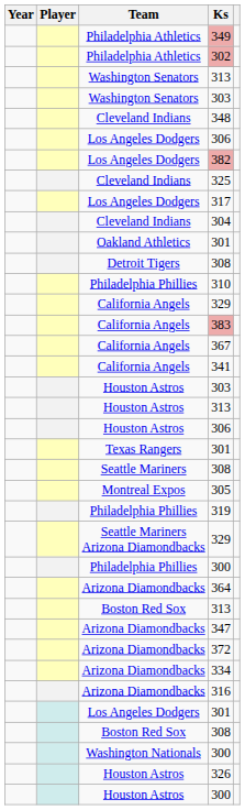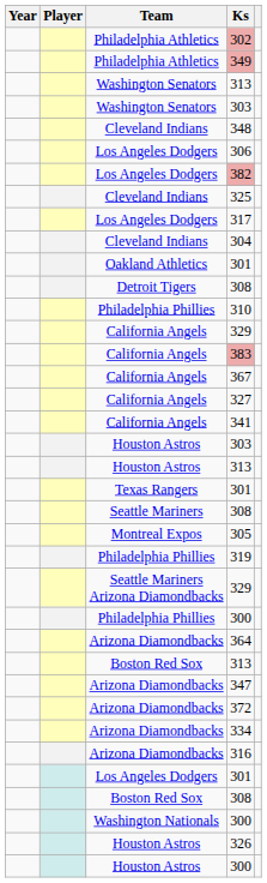 <table class="wikitable sortable plainrowheaders" style="text-align:center;">
 <tr>
 <th scope="col">Year</th>
 <th scope="col">Player</th>
 <th scope="col">Team</th>
 <th scope="col">Ks</th>
 <th scope="col" class="unsortable"></th>
 </tr>
 <tr>
 <td></td>
-<th scope="row" style="text-align:center; background-color: #ffffbb"> </th>
+<th scope="row" style="text-align:center; background-color: #ffffbb"></th>
 <td><a href='#'>Philadelphia Athletics</a></td>
-<td style="background-color:#eeabab;">349</td>
+<td style="background-color:#eeabab;">302</td>
 <td></td>
 </tr>
 <tr>
 <td></td>
-<th scope="row" style="text-align:center; background-color: #ffffbb"></th>
+<th scope="row" style="text-align:center; background-color: #ffffbb"> </th>
 <td><a href='#'>Philadelphia Athletics</a></td>
-<td style="background-color:#eeabab;">302</td>
+<td style="background-color:#eeabab;">349</td>
 <td></td>
 </tr>
 <tr>
 <td></td>
 <th scope="row" style="text-align:center; background-color: #ffffbb"></th>
 <td><a href='#'>Washington Senators</a></td>
 <td>313</td>
 <td></td>
 </tr>
 <tr>
 <td></td>
 <th scope="row" style="text-align:center; background-color: #ffffbb"> </th>
 <td><a href='#'>Washington Senators</a></td>
 <td>303</td>
 <td></td>
 </tr>
 <tr>
 <td></td>
 <th scope="row" style="text-align:center; background-color: #ffffbb"></th>
 <td><a href='#'>Cleveland Indians</a></td>
 <td>348</td>
 <td></td>
 </tr>
 <tr>
 <td></td>
 <th scope="row" style="text-align:center; background-color: #ffffbb"></th>
 <td><a href='#'>Los Angeles Dodgers</a></td>
 <td>306</td>
 <td></td>
 </tr>
 <tr>
 <td></td>
 <th scope="row" style="text-align:center; background-color: #ffffbb"> </th>
 <td><a href='#'>Los Angeles Dodgers</a></td>
 <td style="background-color:#eeabab;">382</td>
 <td></td>
 </tr>
 <tr>
 <td></td>
 <th scope="row" style="text-align:center;"></th>
 <td><a href='#'>Cleveland Indians</a></td>
 <td>325</td>
 <td></td>
 </tr>
 <tr>
 <td></td>
 <th scope="row" style="text-align:center; background-color: #ffffbb"> </th>
 <td><a href='#'>Los Angeles Dodgers</a></td>
 <td>317</td>
 <td></td>
 </tr>
 <tr>
 <td></td>
 <th scope="row" style="text-align:center;"> </th>
 <td><a href='#'>Cleveland Indians</a></td>
 <td>304</td>
 <td></td>
 </tr>
 <tr>
 <td></td>
 <th scope="row" style="text-align:center;"></th>
 <td><a href='#'>Oakland Athletics</a></td>
 <td>301</td>
 <td></td>
 </tr>
 <tr>
 <td></td>
 <th scope="row" style="text-align:center;"></th>
 <td><a href='#'>Detroit Tigers</a></td>
 <td>308</td>
 <td></td>
 </tr>
 <tr>
 <td></td>
 <th scope="row" style="text-align:center; background-color: #ffffbb"></th>
 <td><a href='#'>Philadelphia Phillies</a></td>
 <td>310</td>
 <td></td>
 </tr>
 <tr>
 <td></td>
 <th scope="row" style="text-align:center; background-color: #ffffbb"></th>
 <td><a href='#'>California Angels</a></td>
 <td>329</td>
 <td></td>
 </tr>
 <tr>
 <td></td>
 <th scope="row" style="text-align:center; background-color: #ffffbb"> </th>
 <td><a href='#'>California Angels</a></td>
 <td style="background-color:#eeabab;">383</td>
 <td></td>
 </tr>
 <tr>
 <td></td>
 <th scope="row" style="text-align:center; background-color: #ffffbb"> </th>
 <td><a href='#'>California Angels</a></td>
 <td>367</td>
 <td></td>
 </tr>
 <tr>
 <td></td>
 <th scope="row" style="text-align:center; background-color: #ffffbb"> </th>
 <td><a href='#'>California Angels</a></td>
+<td>327</td>
+<td></td>
+</tr>
+<tr>
+<td></td>
+<th scope="row" style="text-align:center; background-color: #ffffbb"> </th>
+<td><a href='#'>California Angels</a></td>
 <td>341</td>
 <td></td>
 </tr>
 <tr>
 <td></td>
 <th scope="row" style="text-align:center"></th>
 <td><a href='#'>Houston Astros</a></td>
 <td>303</td>
 <td></td>
 </tr>
 <tr>
 <td></td>
 <th scope="row" style="text-align:center"> </th>
 <td><a href='#'>Houston Astros</a></td>
 <td>313</td>
-<td></td>
-</tr>
-<tr>
-<td></td>
-<th scope="row" style="text-align:center"></th>
-<td><a href='#'>Houston Astros</a></td>
-<td>306</td>
 <td></td>
 </tr>
 <tr>
 <td></td>
 <th scope="row" style="text-align:center; background-color: #ffffbb"> </th>
 <td><a href='#'>Texas Rangers</a></td>
 <td>301</td>
 <td></td>
 </tr>
 <tr>
 <td></td>
 <th scope="row" style="text-align:center; background-color: #ffffbb"></th>
 <td><a href='#'>Seattle Mariners</a></td>
 <td>308</td>
 <td></td>
 </tr>
 <tr>
 <td></td>
 <th scope="row" style="text-align:center; background-color: #ffffbb"></th>
 <td><a href='#'>Montreal Expos</a></td>
 <td>305</td>
 <td></td>
 </tr>
 <tr>
 <td></td>
 <th scope="row" style="text-align:center;"></th>
 <td><a href='#'>Philadelphia Phillies</a></td>
 <td>319</td>
 <td></td>
 </tr>
 <tr>
 <td></td>
 <th scope="row" style="text-align:center; background-color: #ffffbb"> </th>
 <td><a href='#'>Seattle Mariners</a><br><a href='#'>Arizona Diamondbacks</a></td>
 <td>329</td>
 <td></td>
 </tr>
 <tr>
 <td></td>
 <th scope="row" style="text-align:center;"> </th>
 <td><a href='#'>Philadelphia Phillies</a></td>
 <td>300</td>
 <td></td>
 </tr>
 <tr>
 <td></td>
 <th scope="row" style="text-align:center; background-color: #ffffbb"> </th>
 <td><a href='#'>Arizona Diamondbacks</a></td>
 <td>364</td>
 <td></td>
 </tr>
 <tr>
 <td></td>
 <th scope="row" style="text-align:center; background-color: #ffffbb"> </th>
 <td><a href='#'>Boston Red Sox</a></td>
 <td>313</td>
 <td></td>
 </tr>
 <tr>
 <td></td>
 <th scope="row" style="text-align:center; background-color: #ffffbb"> </th>
 <td><a href='#'>Arizona Diamondbacks</a></td>
 <td>347</td>
 <td></td>
 </tr>
 <tr>
 <td></td>
 <th scope="row" style="text-align:center; background-color: #ffffbb"> </th>
 <td><a href='#'>Arizona Diamondbacks</a></td>
 <td>372</td>
 <td></td>
 </tr>
 <tr>
 <td></td>
 <th scope="row" style="text-align:center; background-color: #ffffbb"> </th>
 <td><a href='#'>Arizona Diamondbacks</a></td>
 <td>334</td>
 <td></td>
 </tr>
 <tr>
 <td></td>
 <th scope="row" style="text-align:center;"> </th>
 <td><a href='#'>Arizona Diamondbacks</a></td>
 <td>316</td>
 <td></td>
 </tr>
 <tr>
 <td></td>
 <th scope="row" style="text-align:center; background:#cfecec;"></th>
 <td><a href='#'>Los Angeles Dodgers</a></td>
 <td>301</td>
 <td></td>
 </tr>
 <tr>
 <td></td>
 <th scope="row" style="text-align:center; background:#cfecec;"></th>
 <td><a href='#'>Boston Red Sox</a></td>
 <td>308</td>
 <td></td>
 </tr>
 <tr>
 <td></td>
 <th scope="row" style="text-align:center; background:#cfecec;"></th>
 <td><a href='#'>Washington Nationals</a></td>
 <td>300</td>
 <td></td>
 </tr>
 <tr>
 <td></td>
 <th scope="row" style="text-align:center; background:#cfecec;"></th>
 <td><a href='#'>Houston Astros</a></td>
 <td>326</td>
 <td></td>
 </tr>
 <tr>
 <td></td>
 <th scope="row" style="text-align:center; background:#cfecec;"></th>
 <td><a href='#'>Houston Astros</a></td>
 <td>300</td>
 <td></td>
 </tr>
 </table>
